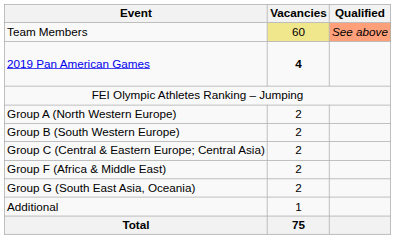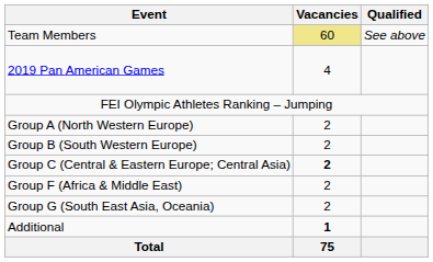 <table class="wikitable">
 <tr>
 <th scope="col">Event</th>
 <th>Vacancies</th>
 <th>Qualified</th>
 </tr>
 <tr>
 <td>Team Members</td>
 <td align="center" style="background: khaki;">60</td>
-<td style="background: lightsalmon;"><em>See above</em></td>
+<td><em>See above</em></td>
 </tr>
 <tr>
 <td><a href='#'>2019 Pan American Games</a></td>
-<td align=center><strong>4</strong></td>
+<td align=center>4</td>
 <td><br><br><br></td>
 </tr>
 <tr>
 <td align="center" colspan="3">FEI Olympic Athletes Ranking – Jumping</td>
 </tr>
 <tr>
 <td>Group A (North Western Europe)</td>
 <td align="center">2</td>
 <td><br></td>
 </tr>
 <tr>
 <td>Group B (South Western Europe)</td>
 <td align="center">2</td>
 <td><br></td>
 </tr>
 <tr>
 <td>Group C (Central & Eastern Europe; Central Asia)</td>
-<td align="center">2</td>
+<td align="center"><strong>2</strong></td>
 <td><br></td>
 </tr>
 <tr>
 <td>Group F (Africa & Middle East)</td>
 <td align="center">2</td>
 <td><br></td>
 </tr>
 <tr>
 <td>Group G (South East Asia, Oceania)</td>
 <td align=center>2</td>
 <td><br></td>
 </tr>
 <tr>
 <td>Additional</td>
-<td align="center">1</td>
+<td align="center"><strong>1</strong></td>
 <td></td>
 </tr>
 <tr>
 <th>Total</th>
 <th>75</th>
 <th></th>
 </tr>
 </table>
